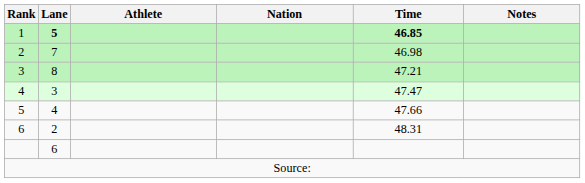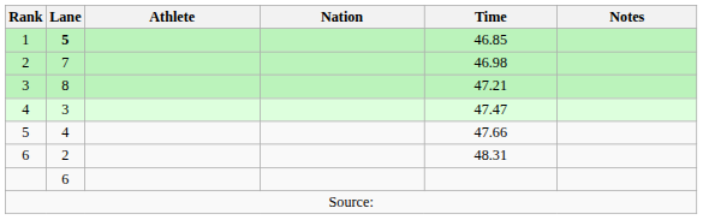 <table class="wikitable sortable" style="text-align:center;width: 60%;">
 <tr>
 <th scope="col" style="width: 10px;">Rank</th>
 <th scope="col" style="width: 10px;">Lane</th>
 <th scope="col">Athlete</th>
 <th scope="col">Nation</th>
 <th scope="col">Time</th>
 <th scope="col">Notes</th>
 </tr>
 <tr bgcolor=bbf3bb>
 <td>1</td>
 <td><strong>5</strong></td>
 <td align=left></td>
 <td align=left></td>
-<td><strong>46.85</strong></td>
+<td>46.85</td>
 <td></td>
 </tr>
 <tr bgcolor=bbf3bb>
 <td>2</td>
 <td>7</td>
 <td align=left></td>
 <td align=left></td>
 <td>46.98</td>
 <td></td>
 </tr>
 <tr bgcolor=bbf3bb>
 <td>3</td>
 <td>8</td>
 <td align=left></td>
 <td align=left></td>
 <td>47.21</td>
 <td></td>
 </tr>
 <tr bgcolor=ddffdd>
 <td>4</td>
 <td>3</td>
 <td align=left></td>
 <td align=left></td>
 <td>47.47</td>
 <td></td>
 </tr>
 <tr>
 <td>5</td>
 <td>4</td>
 <td align=left></td>
 <td align=left></td>
 <td>47.66</td>
 <td></td>
 </tr>
 <tr>
 <td>6</td>
 <td>2</td>
 <td align=left></td>
 <td align=left></td>
 <td>48.31</td>
 <td></td>
 </tr>
 <tr>
 <td></td>
 <td>6</td>
 <td align=left></td>
 <td align=left></td>
 <td></td>
 <td></td>
 </tr>
 <tr class="sortbottom">
 <td colspan="6">Source:</td>
 </tr>
 </table>
